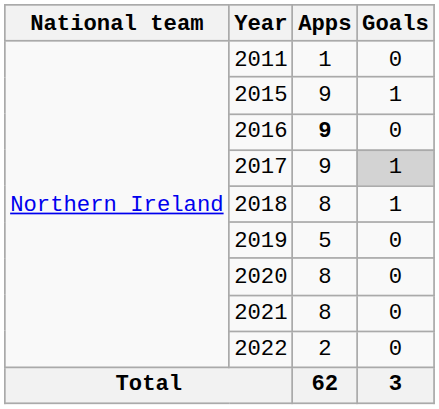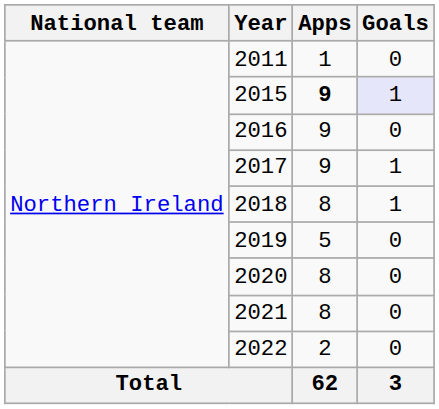 <table class="wikitable" style="text-align:center">
 <tr>
 <th>National team</th>
 <th>Year</th>
 <th>Apps</th>
 <th>Goals</th>
 </tr>
 <tr>
 <td rowspan="9"><a href='#'>Northern Ireland</a></td>
 <td>2011</td>
 <td>1</td>
 <td>0</td>
 </tr>
 <tr>
 <td>2015</td>
-<td>9</td>
-<td>1</td>
+<td><strong>9</strong></td>
+<td style="background: lavender;">1</td>
 </tr>
 <tr>
 <td>2016</td>
-<td><strong>9</strong></td>
+<td>9</td>
 <td>0</td>
 </tr>
 <tr>
 <td>2017</td>
 <td>9</td>
-<td style="background: lightgrey;">1</td>
+<td>1</td>
 </tr>
 <tr>
 <td>2018</td>
 <td>8</td>
 <td>1</td>
 </tr>
 <tr>
 <td>2019</td>
 <td>5</td>
 <td>0</td>
 </tr>
 <tr>
 <td>2020</td>
 <td>8</td>
 <td>0</td>
 </tr>
 <tr>
 <td>2021</td>
 <td>8</td>
 <td>0</td>
 </tr>
 <tr>
 <td>2022</td>
 <td>2</td>
 <td>0</td>
 </tr>
 <tr>
 <th colspan="2">Total</th>
 <th>62</th>
 <th>3</th>
 </tr>
 </table>
